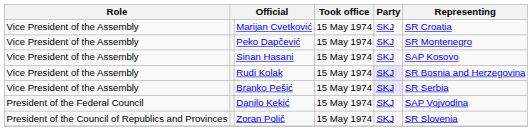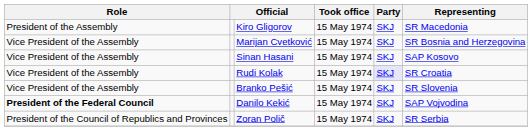 <table class="wikitable">
 <tr>
 <th style="text-align: center;">Role</th>
 <th colspan="2" style="text-align: center;">Official</th>
 <th style="text-align: center;">Took office</th>
 <th style="text-align: center;">Party</th>
 <th style="text-align: center;">Representing</th>
 </tr>
 <tr>
+<td>President of the Assembly</td>
+<td style="background:"></td>
+<td><a href='#'>Kiro Gligorov</a></td>
+<td>15 May 1974</td>
+<td><a href='#'>SKJ</a></td>
+<td><a href='#'>SR Macedonia</a></td>
+</tr>
+<tr>
 <td>Vice President of the Assembly</td>
 <td style="background:"></td>
 <td><a href='#'>Marijan Cvetković</a></td>
 <td>15 May 1974</td>
 <td><a href='#'>SKJ</a></td>
-<td><a href='#'>SR Croatia</a></td>
-</tr>
-<tr>
-<td>Vice President of the Assembly</td>
-<td style="background:"></td>
-<td><a href='#'>Peko Dapčević</a></td>
-<td>15 May 1974</td>
-<td><a href='#'>SKJ</a></td>
-<td><a href='#'>SR Montenegro</a></td>
+<td><a href='#'>SR Bosnia and Herzegovina</a></td>
 </tr>
 <tr>
 <td>Vice President of the Assembly</td>
 <td style="background:"></td>
 <td><a href='#'>Sinan Hasani</a></td>
 <td>15 May 1974</td>
 <td><a href='#'>SKJ</a></td>
 <td><a href='#'>SAP Kosovo</a></td>
 </tr>
 <tr>
 <td>Vice President of the Assembly</td>
 <td style="background:"></td>
 <td><a href='#'>Rudi Kolak</a></td>
 <td>15 May 1974</td>
 <td style="background: lavender;"><a href='#'>SKJ</a></td>
-<td><a href='#'>SR Bosnia and Herzegovina</a></td>
+<td><a href='#'>SR Croatia</a></td>
 </tr>
 <tr>
 <td>Vice President of the Assembly</td>
 <td style="background:"></td>
 <td><a href='#'>Branko Pešić</a></td>
 <td>15 May 1974</td>
-<td style="background: lavender;"><a href='#'>SKJ</a></td>
-<td><a href='#'>SR Serbia</a></td>
+<td><a href='#'>SKJ</a></td>
+<td><a href='#'>SR Slovenia</a></td>
 </tr>
 <tr>
-<td>President of the Federal Council</td>
+<td><strong>President of the Federal Council</strong></td>
 <td style="background:"></td>
 <td><a href='#'>Danilo Kekić</a></td>
 <td>15 May 1974</td>
 <td><a href='#'>SKJ</a></td>
 <td><a href='#'>SAP Vojvodina</a></td>
 </tr>
 <tr>
 <td>President of the Council of Republics and Provinces</td>
 <td style="background:"></td>
 <td><a href='#'>Zoran Polič</a></td>
 <td>15 May 1974</td>
 <td><a href='#'>SKJ</a></td>
-<td><a href='#'>SR Slovenia</a></td>
+<td><a href='#'>SR Serbia</a></td>
 </tr>
 <tr>
 </tr>
 </table>
